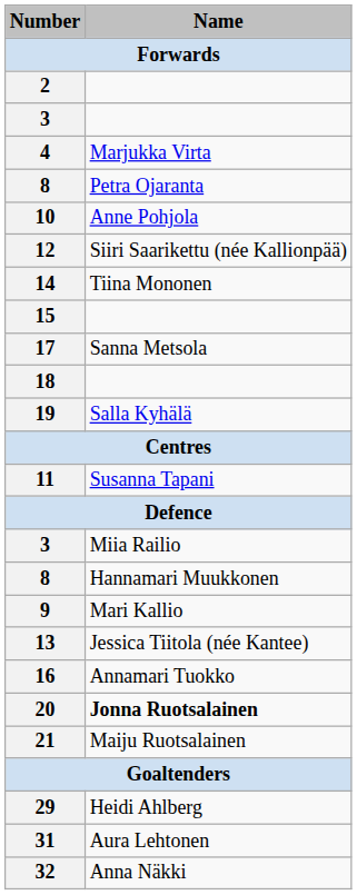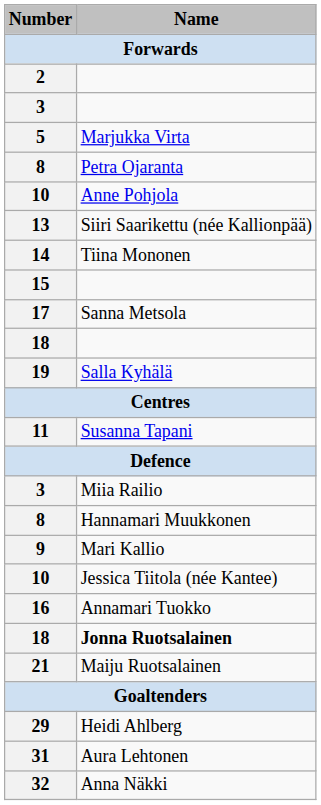 <table class="wikitable" style="text-align:left; font-size:90%;">
 <tr>
 <th style="background:silver;">Number</th>
 <th style="background:silver;">Name</th>
 </tr>
 <tr>
 <th style=background:#CEE0F2 colspan=2><span>Forwards</span></th>
 </tr>
 <tr>
 <th>2</th>
 <td></td>
 </tr>
 <tr>
 <th>3</th>
 <td></td>
 </tr>
 <tr>
-<th>4</th>
+<th>5</th>
 <td><a href='#'>Marjukka Virta</a></td>
 </tr>
 <tr>
 <th>8</th>
 <td><a href='#'>Petra Ojaranta</a></td>
 </tr>
 <tr>
 <th>10</th>
 <td><a href='#'>Anne Pohjola</a></td>
 </tr>
 <tr>
-<th>12</th>
+<th>13</th>
 <td>Siiri Saarikettu (née Kallionpää)</td>
 </tr>
 <tr>
 <th>14</th>
 <td>Tiina Mononen</td>
 </tr>
 <tr>
 <th>15</th>
 <td></td>
 </tr>
 <tr>
 <th>17</th>
 <td>Sanna Metsola</td>
 </tr>
 <tr>
 <th>18</th>
 <td></td>
 </tr>
 <tr>
 <th>19</th>
 <td><a href='#'>Salla Kyhälä</a></td>
 </tr>
 <tr>
 <th style=background:#CEE0F2 colspan=2><span>Centres</span></th>
 </tr>
 <tr>
 <th>11</th>
 <td><a href='#'>Susanna Tapani</a></td>
 </tr>
 <tr>
 <th style=background:#CEE0F2 colspan=2><span>Defence</span></th>
 </tr>
 <tr>
 <th>3</th>
 <td>Miia Railio</td>
 </tr>
 <tr>
 <th>8</th>
 <td>Hannamari Muukkonen</td>
 </tr>
 <tr>
 <th>9</th>
 <td>Mari Kallio</td>
 </tr>
 <tr>
-<th>13</th>
+<th>10</th>
 <td>Jessica Tiitola (née Kantee)</td>
 </tr>
 <tr>
 <th>16</th>
 <td>Annamari Tuokko</td>
 </tr>
 <tr>
-<th>20</th>
+<th>18</th>
 <td><strong>Jonna Ruotsalainen</strong></td>
 </tr>
 <tr>
 <th>21</th>
 <td>Maiju Ruotsalainen</td>
 </tr>
 <tr>
 <th style=background:#CEE0F2 colspan=2><span>Goaltenders</span></th>
 </tr>
 <tr>
 <th>29</th>
 <td>Heidi Ahlberg</td>
 </tr>
 <tr>
 <th>31</th>
 <td>Aura Lehtonen</td>
 </tr>
 <tr>
 <th>32</th>
 <td>Anna Näkki</td>
 </tr>
 </table>
